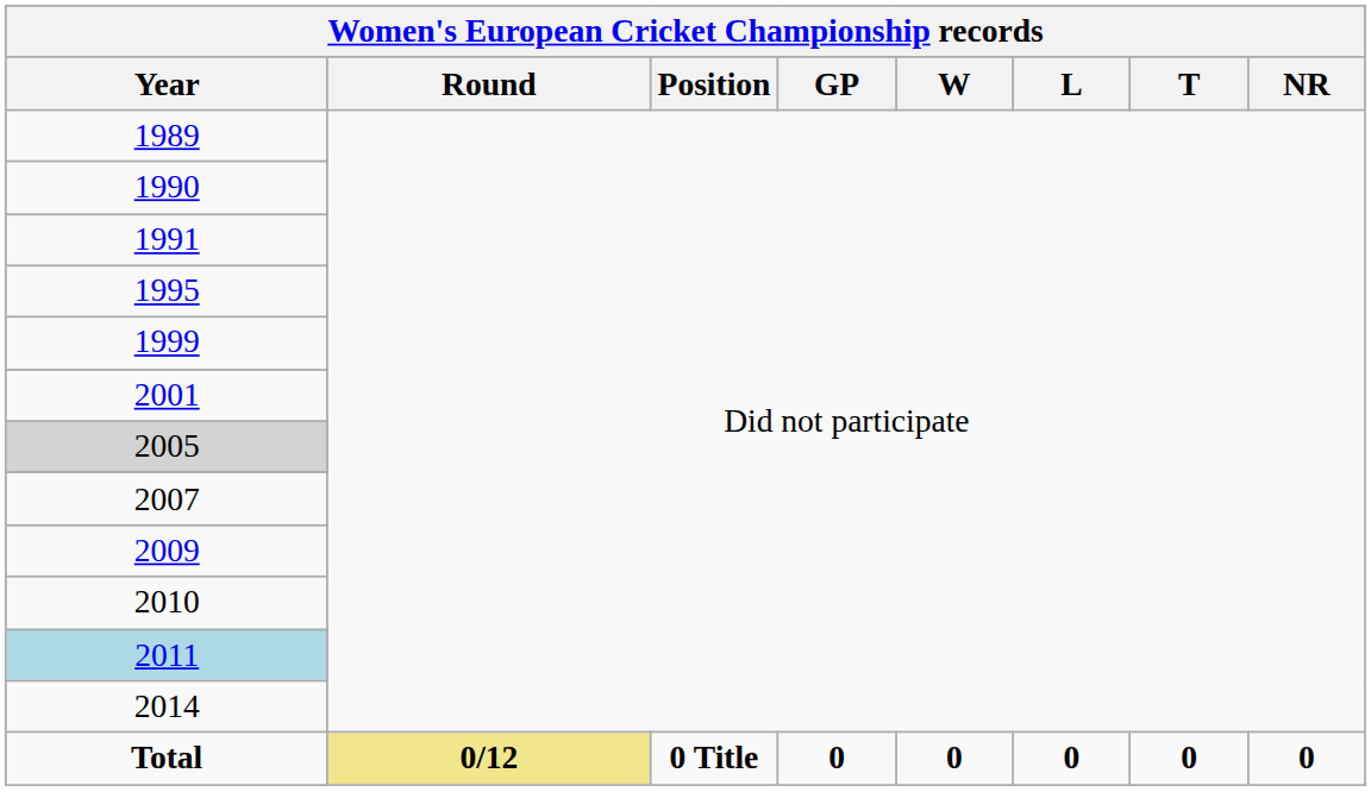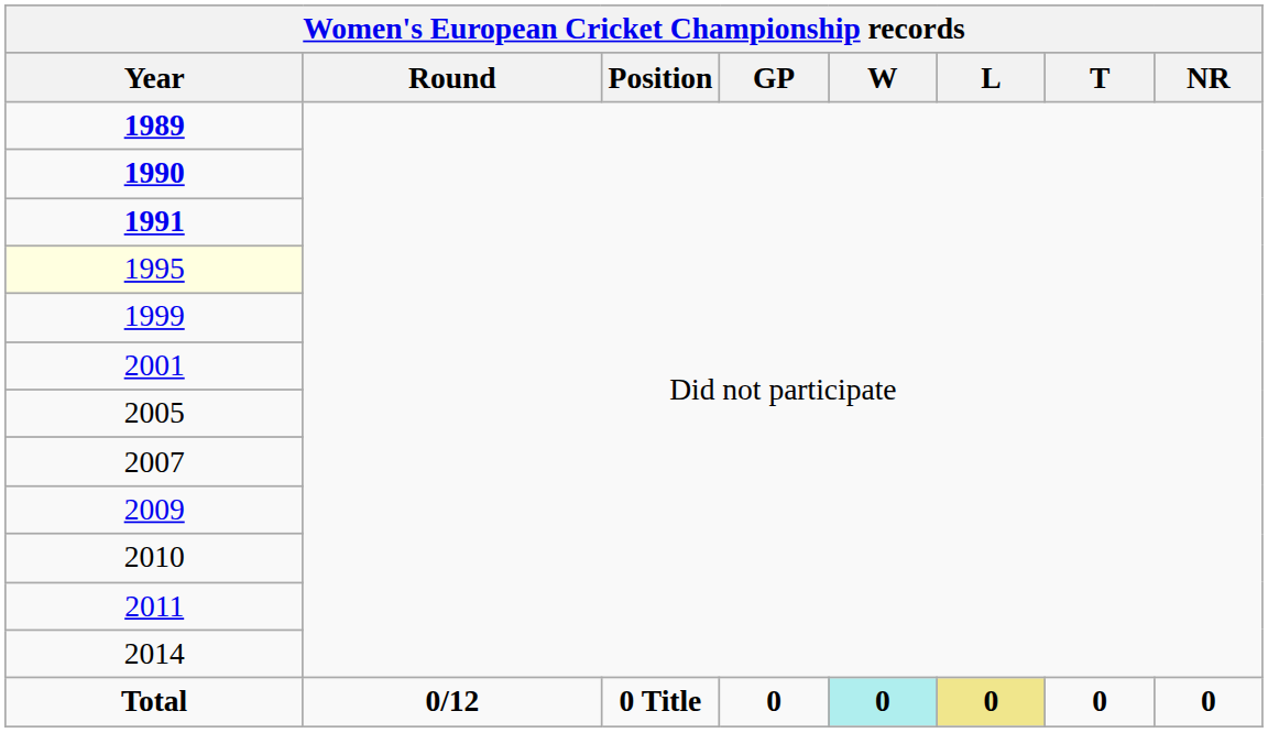 <table class="wikitable" style="text-align: center; width=900px;">
 <tr>
 <th colspan=9><a href='#'>Women's European Cricket Championship</a> records</th>
 </tr>
 <tr>
 <th width=150>Year</th>
 <th width=150>Round</th>
 <th width=50>Position</th>
 <th width=50>GP</th>
 <th width=50>W</th>
 <th width=50>L</th>
 <th width=50>T</th>
 <th width=50>NR</th>
 </tr>
 <tr>
-<td> <a href='#'>1989</a></td>
+<td><strong> <a href='#'>1989</a></strong></td>
 <td colspan=8 rowspan=12>Did not participate</td>
 </tr>
 <tr>
-<td> <a href='#'>1990</a></td>
+<td><strong> <a href='#'>1990</a></strong></td>
 </tr>
 <tr>
-<td> <a href='#'>1991</a></td>
+<td><strong> <a href='#'>1991</a></strong></td>
 </tr>
 <tr>
-<td> <a href='#'>1995</a></td>
+<td style="background: lightyellow;"> <a href='#'>1995</a></td>
 </tr>
 <tr>
 <td> <a href='#'>1999</a></td>
 </tr>
 <tr>
 <td> <a href='#'>2001</a></td>
 </tr>
 <tr>
-<td style="background: lightgrey;"> 2005</td>
+<td> 2005</td>
 </tr>
 <tr>
 <td> 2007</td>
 </tr>
 <tr>
 <td> <a href='#'>2009</a></td>
 </tr>
 <tr>
 <td> 2010</td>
 </tr>
 <tr>
-<td style="background: lightblue;"> <a href='#'>2011</a></td>
+<td> <a href='#'>2011</a></td>
 </tr>
 <tr>
 <td> 2014</td>
 </tr>
 <tr>
 <td><strong>Total</strong></td>
-<td style="background: khaki;"><strong>0/12</strong></td>
+<td><strong>0/12</strong></td>
 <td><strong>0 Title</strong></td>
 <td><strong>0</strong></td>
-<td><strong>0</strong></td>
-<td><strong>0</strong></td>
+<td style="background: paleturquoise;"><strong>0</strong></td>
+<td style="background: khaki;"><strong>0</strong></td>
 <td><strong>0</strong></td>
 <td><strong>0</strong></td>
 </tr>
 </table>
